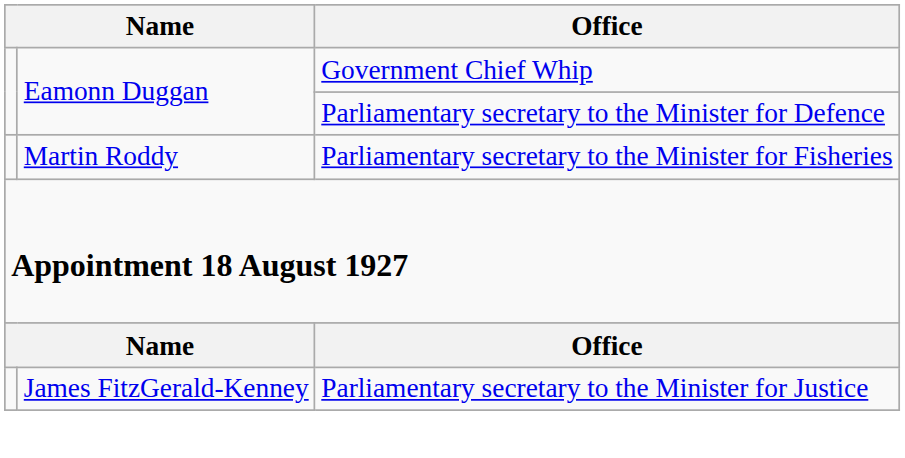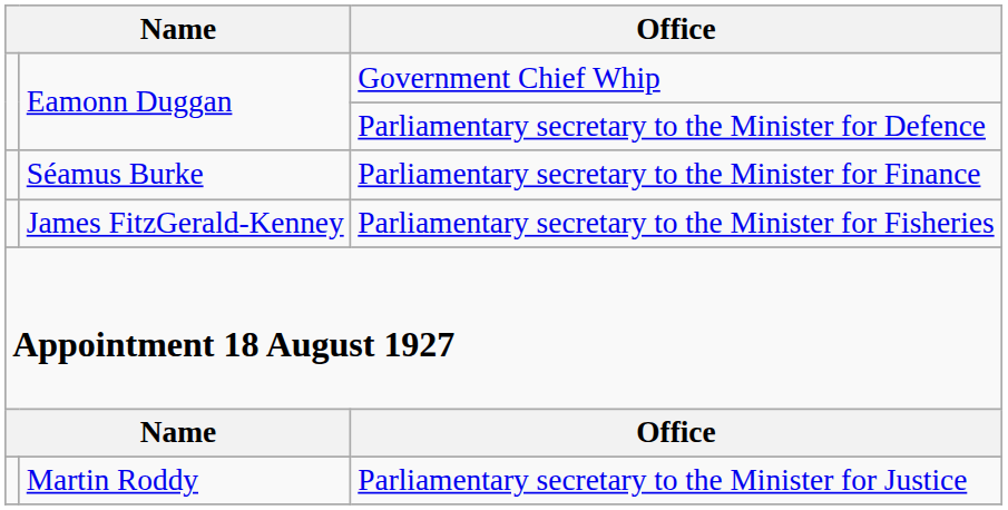 <table class="wikitable">
 <tr>
 <th colspan="2">Name</th>
 <th>Office</th>
 </tr>
 <tr>
 <td rowspan="2" style="background-color: "></td>
 <td rowspan="2"><a href='#'>Eamonn Duggan</a></td>
 <td><a href='#'>Government Chief Whip</a></td>
 </tr>
 <tr>
 <td><a href='#'>Parliamentary secretary to the Minister for Defence</a></td>
 </tr>
 <tr>
 <td style="background-color: "></td>
-<td><a href='#'>Martin Roddy</a></td>
+<td><a href='#'>Séamus Burke</a></td>
+<td><a href='#'>Parliamentary secretary to the Minister for Finance</a></td>
+</tr>
+<tr>
+<td style="background-color: "></td>
+<td><a href='#'>James FitzGerald-Kenney</a></td>
 <td><a href='#'>Parliamentary secretary to the Minister for Fisheries</a></td>
 </tr>
 <tr>
 <td colspan=3><br><h3>Appointment 18 August 1927</h3></td>
 </tr>
 <tr>
 <th colspan="2">Name</th>
 <th>Office</th>
 </tr>
 <tr>
 <td style="background-color: "></td>
-<td><a href='#'>James FitzGerald-Kenney</a></td>
+<td><a href='#'>Martin Roddy</a></td>
 <td><a href='#'>Parliamentary secretary to the Minister for Justice</a></td>
 </tr>
 </table>
